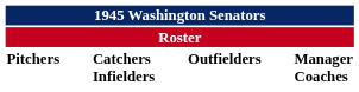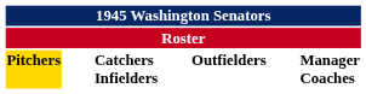 <table class="toccolours" style="font-size: 95%;">
 <tr>
 <th colspan="10" style="background-color: #072764; color: white; text-align: center;">1945 Washington Senators</th>
 </tr>
 <tr>
 <td colspan="10" style="background-color: #c6011f; color: white; text-align: center;"><strong>Roster</strong></td>
 </tr>
 <tr>
-<td valign="top"><strong>Pitchers</strong><br>             </td>
+<td valign="top" style="background: gold;"><strong>Pitchers</strong><br>             </td>
 <td width="25px"></td>
 <td valign="top"><strong>Catchers</strong><br>   <strong>Infielders</strong>        </td>
 <td width="25px"></td>
 <td valign="top"><strong>Outfielders</strong><br>        </td>
 <td width="25px"></td>
 <td valign="top"><strong>Manager</strong><br> <strong>Coaches</strong>     </td>
 </tr>
 <tr>
 </tr>
 </table>
